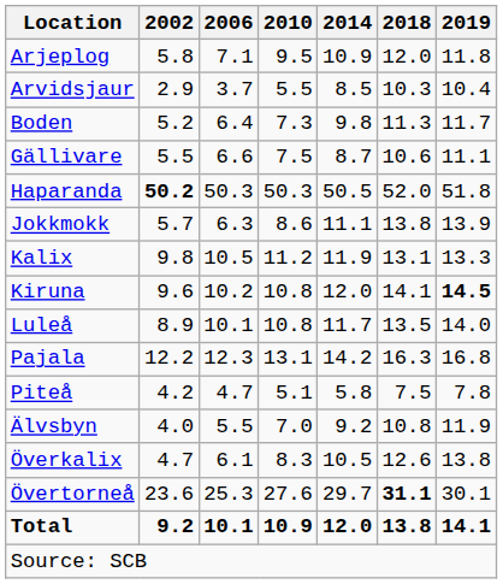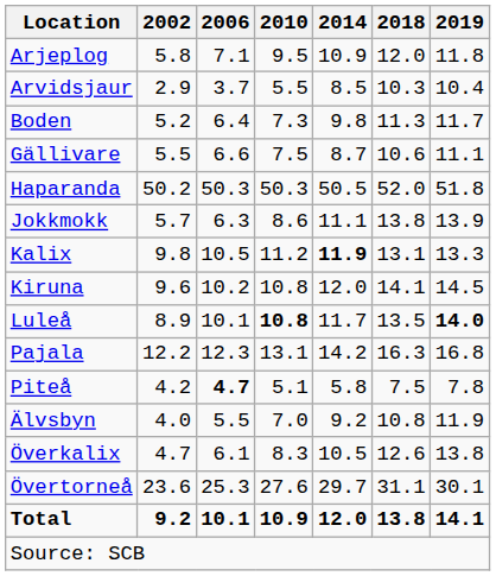 <table class="wikitable sortable" style=text-align:right>
 <tr>
 <th>Location</th>
 <th>2002</th>
 <th>2006</th>
 <th>2010</th>
 <th>2014</th>
 <th>2018</th>
 <th>2019</th>
 </tr>
 <tr>
 <td align=left><a href='#'>Arjeplog</a></td>
 <td>5.8</td>
 <td>7.1</td>
 <td>9.5</td>
 <td>10.9</td>
 <td>12.0</td>
 <td>11.8</td>
 </tr>
 <tr>
 <td align=left><a href='#'>Arvidsjaur</a></td>
 <td>2.9</td>
 <td>3.7</td>
 <td>5.5</td>
 <td>8.5</td>
 <td>10.3</td>
 <td>10.4</td>
 </tr>
 <tr>
 <td align=left><a href='#'>Boden</a></td>
 <td>5.2</td>
 <td>6.4</td>
 <td>7.3</td>
 <td>9.8</td>
 <td>11.3</td>
 <td>11.7</td>
 </tr>
 <tr>
 <td align=left><a href='#'>Gällivare</a></td>
 <td>5.5</td>
 <td>6.6</td>
 <td>7.5</td>
 <td>8.7</td>
 <td>10.6</td>
 <td>11.1</td>
 </tr>
 <tr>
 <td align=left><a href='#'>Haparanda</a></td>
-<td><strong>50.2</strong></td>
+<td>50.2</td>
 <td>50.3</td>
 <td>50.3</td>
 <td>50.5</td>
 <td>52.0</td>
 <td>51.8</td>
 </tr>
 <tr>
 <td align=left><a href='#'>Jokkmokk</a></td>
 <td>5.7</td>
 <td>6.3</td>
 <td>8.6</td>
 <td>11.1</td>
 <td>13.8</td>
 <td>13.9</td>
 </tr>
 <tr>
 <td align=left><a href='#'>Kalix</a></td>
 <td>9.8</td>
 <td>10.5</td>
 <td>11.2</td>
-<td>11.9</td>
+<td><strong>11.9</strong></td>
 <td>13.1</td>
 <td>13.3</td>
 </tr>
 <tr>
 <td align=left><a href='#'>Kiruna</a></td>
 <td>9.6</td>
 <td>10.2</td>
 <td>10.8</td>
 <td>12.0</td>
 <td>14.1</td>
-<td><strong>14.5</strong></td>
+<td>14.5</td>
 </tr>
 <tr>
 <td align=left><a href='#'>Luleå</a></td>
 <td>8.9</td>
 <td>10.1</td>
-<td>10.8</td>
+<td><strong>10.8</strong></td>
 <td>11.7</td>
 <td>13.5</td>
-<td>14.0</td>
+<td><strong>14.0</strong></td>
 </tr>
 <tr>
 <td align=left><a href='#'>Pajala</a></td>
 <td>12.2</td>
 <td>12.3</td>
 <td>13.1</td>
 <td>14.2</td>
 <td>16.3</td>
 <td>16.8</td>
 </tr>
 <tr>
 <td align=left><a href='#'>Piteå</a></td>
 <td>4.2</td>
-<td>4.7</td>
+<td><strong>4.7</strong></td>
 <td>5.1</td>
 <td>5.8</td>
 <td>7.5</td>
 <td>7.8</td>
 </tr>
 <tr>
 <td align=left><a href='#'>Älvsbyn</a></td>
 <td>4.0</td>
 <td>5.5</td>
 <td>7.0</td>
 <td>9.2</td>
 <td>10.8</td>
 <td>11.9</td>
 </tr>
 <tr>
 <td align=left><a href='#'>Överkalix</a></td>
 <td>4.7</td>
 <td>6.1</td>
 <td>8.3</td>
 <td>10.5</td>
 <td>12.6</td>
 <td>13.8</td>
 </tr>
 <tr>
 <td align=left><a href='#'>Övertorneå</a></td>
 <td>23.6</td>
 <td>25.3</td>
 <td>27.6</td>
 <td>29.7</td>
-<td><strong>31.1</strong></td>
+<td>31.1</td>
 <td>30.1</td>
 </tr>
 <tr>
 <td align=left><strong>Total</strong></td>
 <td><strong>9.2</strong></td>
 <td><strong>10.1</strong></td>
 <td><strong>10.9</strong></td>
 <td><strong>12.0</strong></td>
 <td><strong>13.8</strong></td>
 <td><strong>14.1</strong></td>
 </tr>
 <tr>
 <td align=left colspan=7>Source: SCB </td>
 </tr>
 </table>
